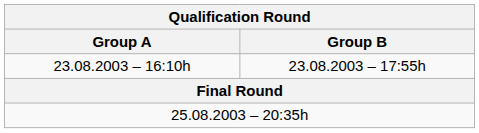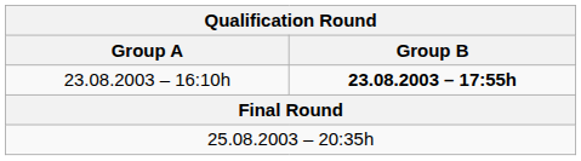 <table class="wikitable" style=" text-align:center; font-size:110%;" width="35%">
 <tr>
 <th colspan="2">Qualification Round</th>
 </tr>
 <tr>
 <th>Group A</th>
 <th>Group B</th>
 </tr>
 <tr>
 <td>23.08.2003 – 16:10h</td>
-<td>23.08.2003 – 17:55h</td>
+<td><strong>23.08.2003 – 17:55h</strong></td>
 </tr>
 <tr>
 <th colspan="2">Final Round</th>
 </tr>
 <tr>
 <td colspan="2">25.08.2003 – 20:35h</td>
 </tr>
 </table>
